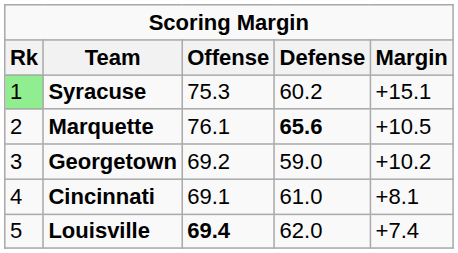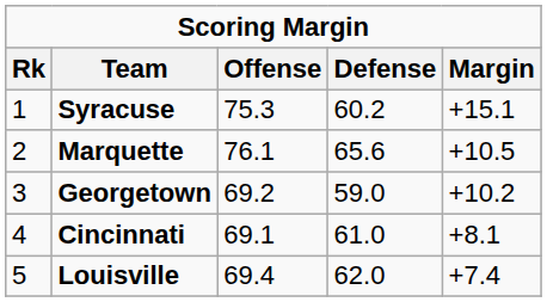 <table class="wikitable" style="white-space:nowrap; font-size:90%;">
 <tr>
 <td colspan=5 style="text-align:center;"><strong>Scoring Margin</strong></td>
 </tr>
 <tr>
 <th>Rk</th>
 <th>Team</th>
 <th>Offense</th>
 <th>Defense</th>
 <th>Margin</th>
 </tr>
 <tr>
-<td style="background: lightgreen;">1</td>
+<td>1</td>
 <td><strong>Syracuse</strong></td>
 <td>75.3</td>
 <td>60.2</td>
 <td>+15.1</td>
 </tr>
 <tr>
 <td>2</td>
 <td><strong>Marquette</strong></td>
 <td>76.1</td>
-<td><strong>65.6</strong></td>
+<td>65.6</td>
 <td>+10.5</td>
 </tr>
 <tr>
 <td>3</td>
 <td><strong>Georgetown</strong></td>
 <td>69.2</td>
 <td>59.0</td>
 <td>+10.2</td>
 </tr>
 <tr>
 <td>4</td>
 <td><strong>Cincinnati</strong></td>
 <td>69.1</td>
 <td>61.0</td>
 <td>+8.1</td>
 </tr>
 <tr>
 <td>5</td>
 <td><strong>Louisville</strong></td>
-<td><strong>69.4</strong></td>
+<td>69.4</td>
 <td>62.0</td>
 <td>+7.4</td>
 </tr>
 </table>
